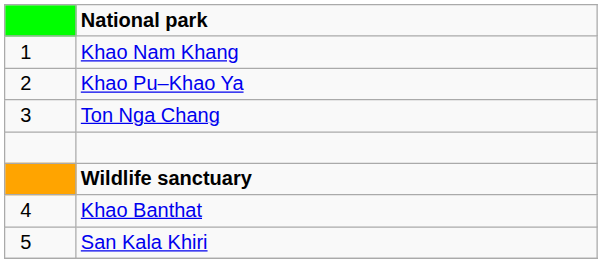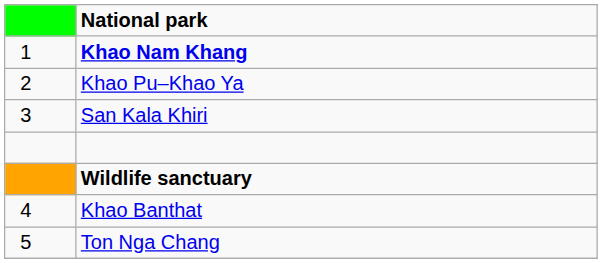 <table class= "wikitable" style= "width:30%; display:inline-table;">
 <tr>
 <td style="width:3%; background:#00FF00;"> </td>
 <td style="width:27%;"><strong>National park</strong></td>
 </tr>
 <tr>
 <td>  1</td>
-<td><a href='#'>Khao Nam Khang</a></td>
+<td><strong><a href='#'>Khao Nam Khang</a></strong></td>
 </tr>
 <tr>
 <td>  2</td>
 <td><a href='#'>Khao Pu–Khao Ya</a></td>
 </tr>
 <tr>
 <td>  3</td>
-<td><a href='#'>Ton Nga Chang</a></td>
+<td><a href='#'>San Kala Khiri</a></td>
 </tr>
 <tr>
 <td> </td>
 <td> </td>
 </tr>
 <tr>
 <td style="width=3%; background:#FFA400;"> </td>
 <td style="width=27%;"><strong>Wildlife sanctuary</strong></td>
 </tr>
 <tr>
 <td>  4</td>
 <td><a href='#'>Khao Banthat</a></td>
 </tr>
 <tr>
 <td>  5</td>
-<td><a href='#'>San Kala Khiri</a></td>
+<td><a href='#'>Ton Nga Chang</a></td>
 </tr>
 <tr>
 </tr>
 </table>
